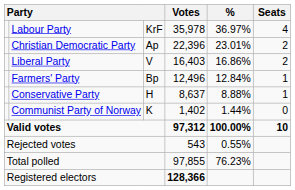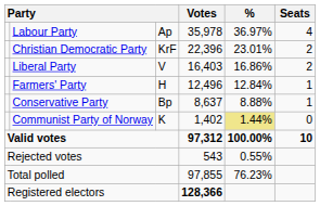 <table class="wikitable" border="1" style="text-align:right;">
 <tr>
 <th style="text-align:left;" colspan=3>Party</th>
 <th align=center width="50">Votes</th>
 <th align=center width="50">%</th>
 <th align=center width="50">Seats</th>
 </tr>
 <tr>
 <td style="color:inherit;background:"></td>
 <td align=left><a href='#'>Labour Party</a></td>
-<td align=left>KrF</td>
+<td align=left>Ap</td>
 <td>35,978</td>
 <td>36.97%</td>
 <td>4</td>
 </tr>
 <tr>
 <td style="color:inherit;background:"></td>
 <td align=left><a href='#'>Christian Democratic Party</a></td>
-<td align=left>Ap</td>
+<td align=left>KrF</td>
 <td>22,396</td>
 <td>23.01%</td>
 <td>2</td>
 </tr>
 <tr>
 <td style="color:inherit;background:"></td>
 <td align=left><a href='#'>Liberal Party</a></td>
 <td align=left>V</td>
 <td>16,403</td>
 <td>16.86%</td>
 <td>2</td>
 </tr>
 <tr>
 <td style="color:inherit;background:"></td>
 <td align=left><a href='#'>Farmers' Party</a></td>
-<td align=left>Bp</td>
+<td align=left>H</td>
 <td>12,496</td>
 <td>12.84%</td>
 <td>1</td>
 </tr>
 <tr>
 <td style="color:inherit;background:"></td>
 <td align=left><a href='#'>Conservative Party</a></td>
-<td align=left>H</td>
+<td align=left>Bp</td>
 <td>8,637</td>
 <td>8.88%</td>
 <td>1</td>
 </tr>
 <tr>
 <td style="color:inherit;background:"></td>
 <td align=left><a href='#'>Communist Party of Norway</a></td>
 <td align=left>K</td>
 <td>1,402</td>
-<td>1.44%</td>
+<td style="background: khaki;">1.44%</td>
 <td>0</td>
 </tr>
 <tr style="font-weight:bold">
 <td align=left colspan=3>Valid votes</td>
 <td>97,312</td>
 <td>100.00%</td>
 <td>10</td>
 </tr>
 <tr>
 <td align=left colspan=3>Rejected votes</td>
 <td>543</td>
 <td>0.55%</td>
 <td></td>
 </tr>
 <tr>
 <td align=left colspan=3>Total polled</td>
 <td>97,855</td>
 <td>76.23%</td>
 <td></td>
 </tr>
 <tr>
 <td align=left colspan=3>Registered electors</td>
 <td><strong>128,366</strong></td>
 <td></td>
 <td></td>
 </tr>
 </table>
